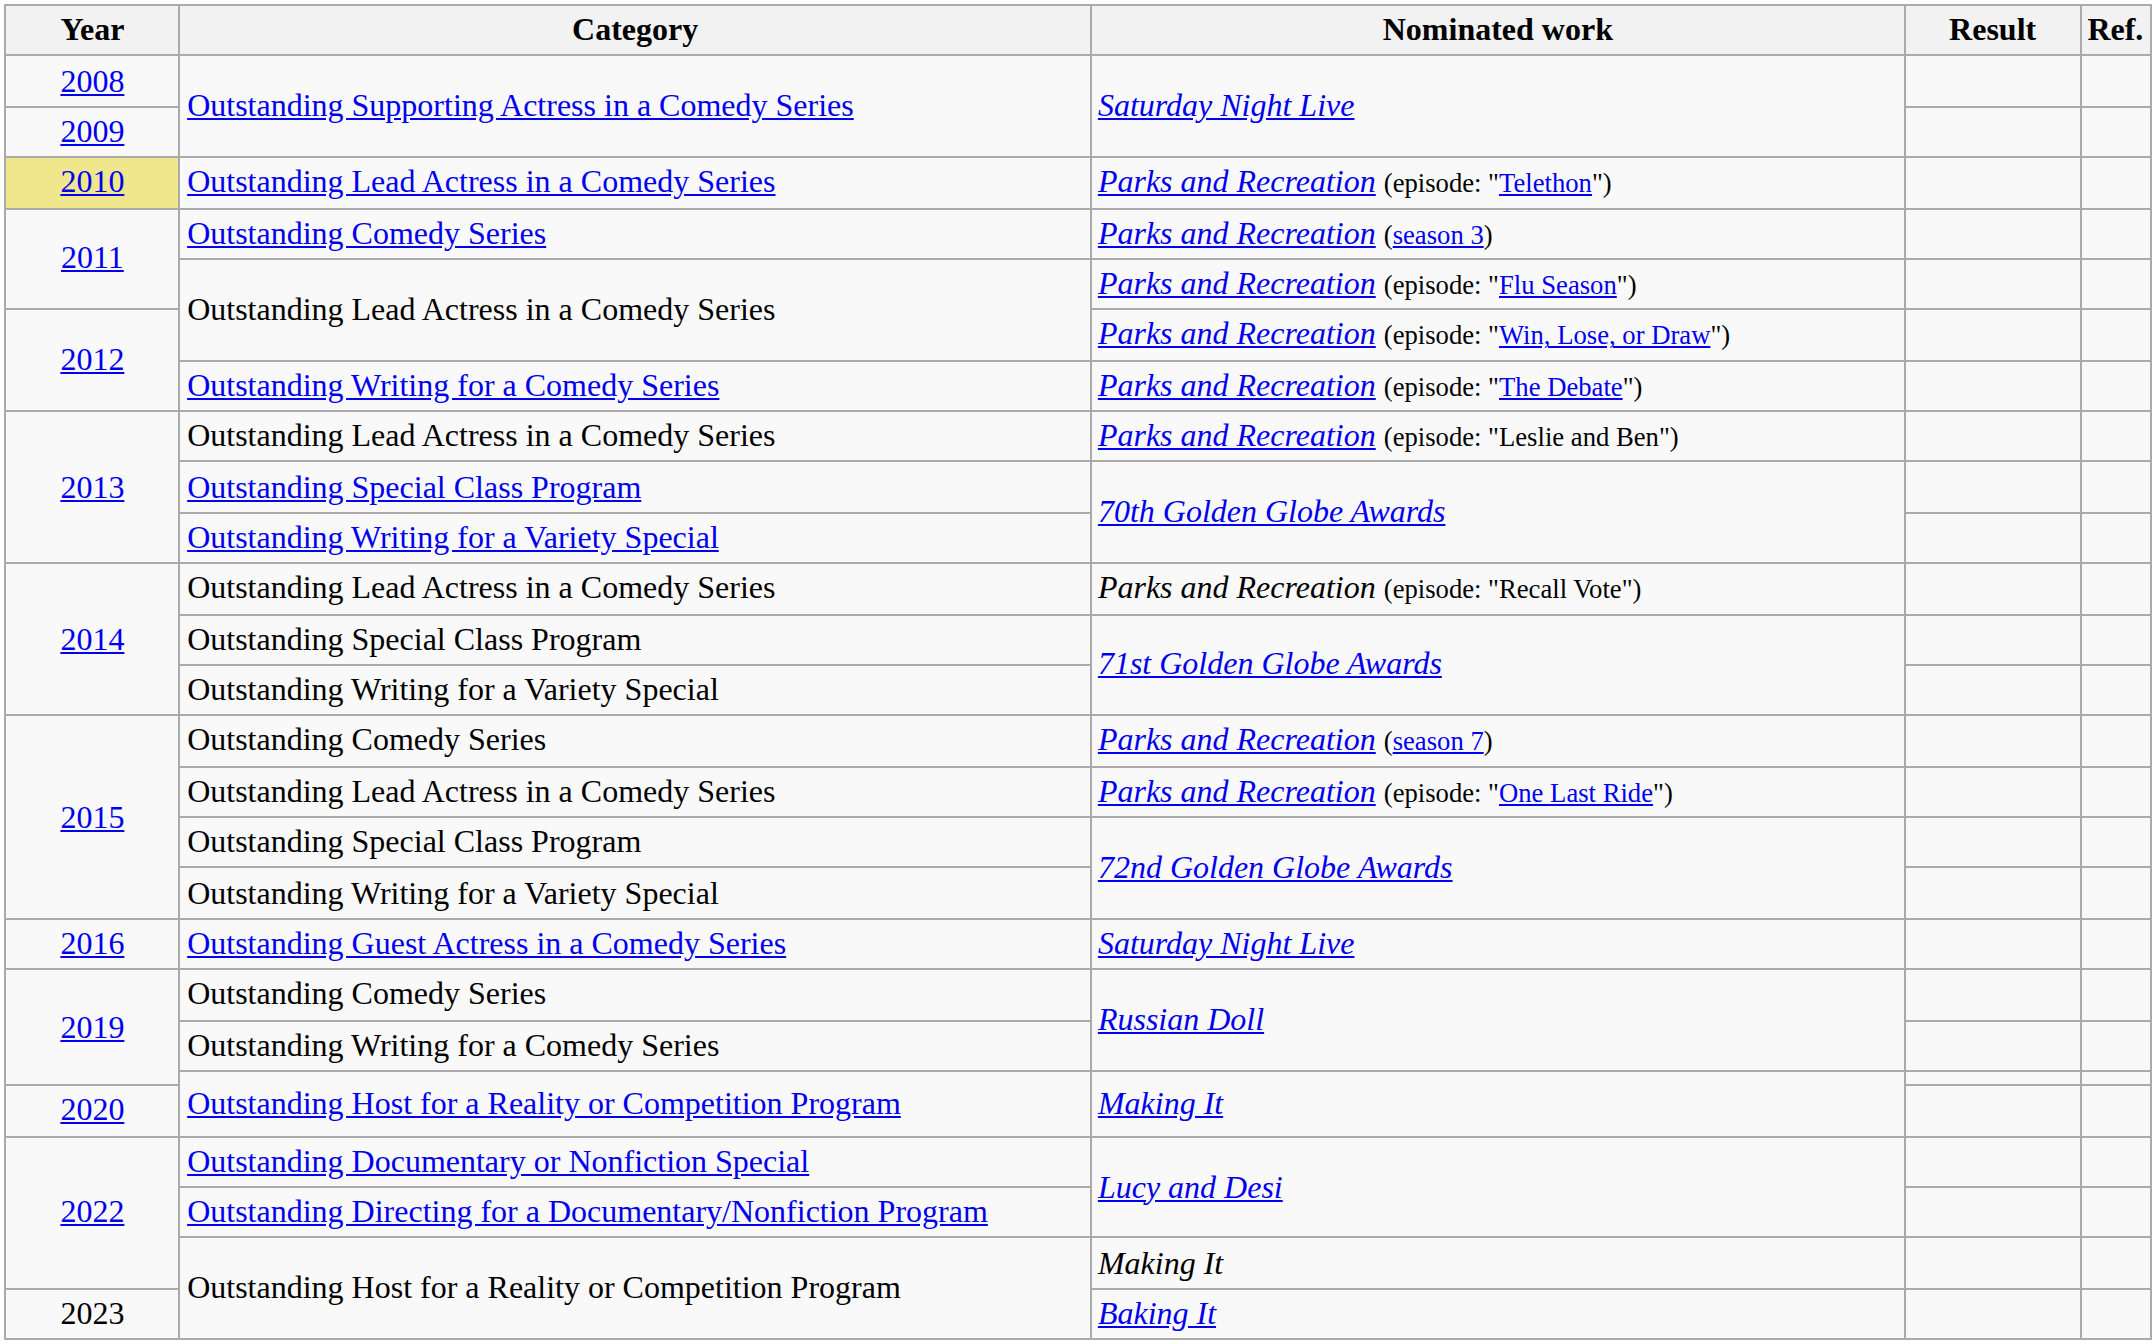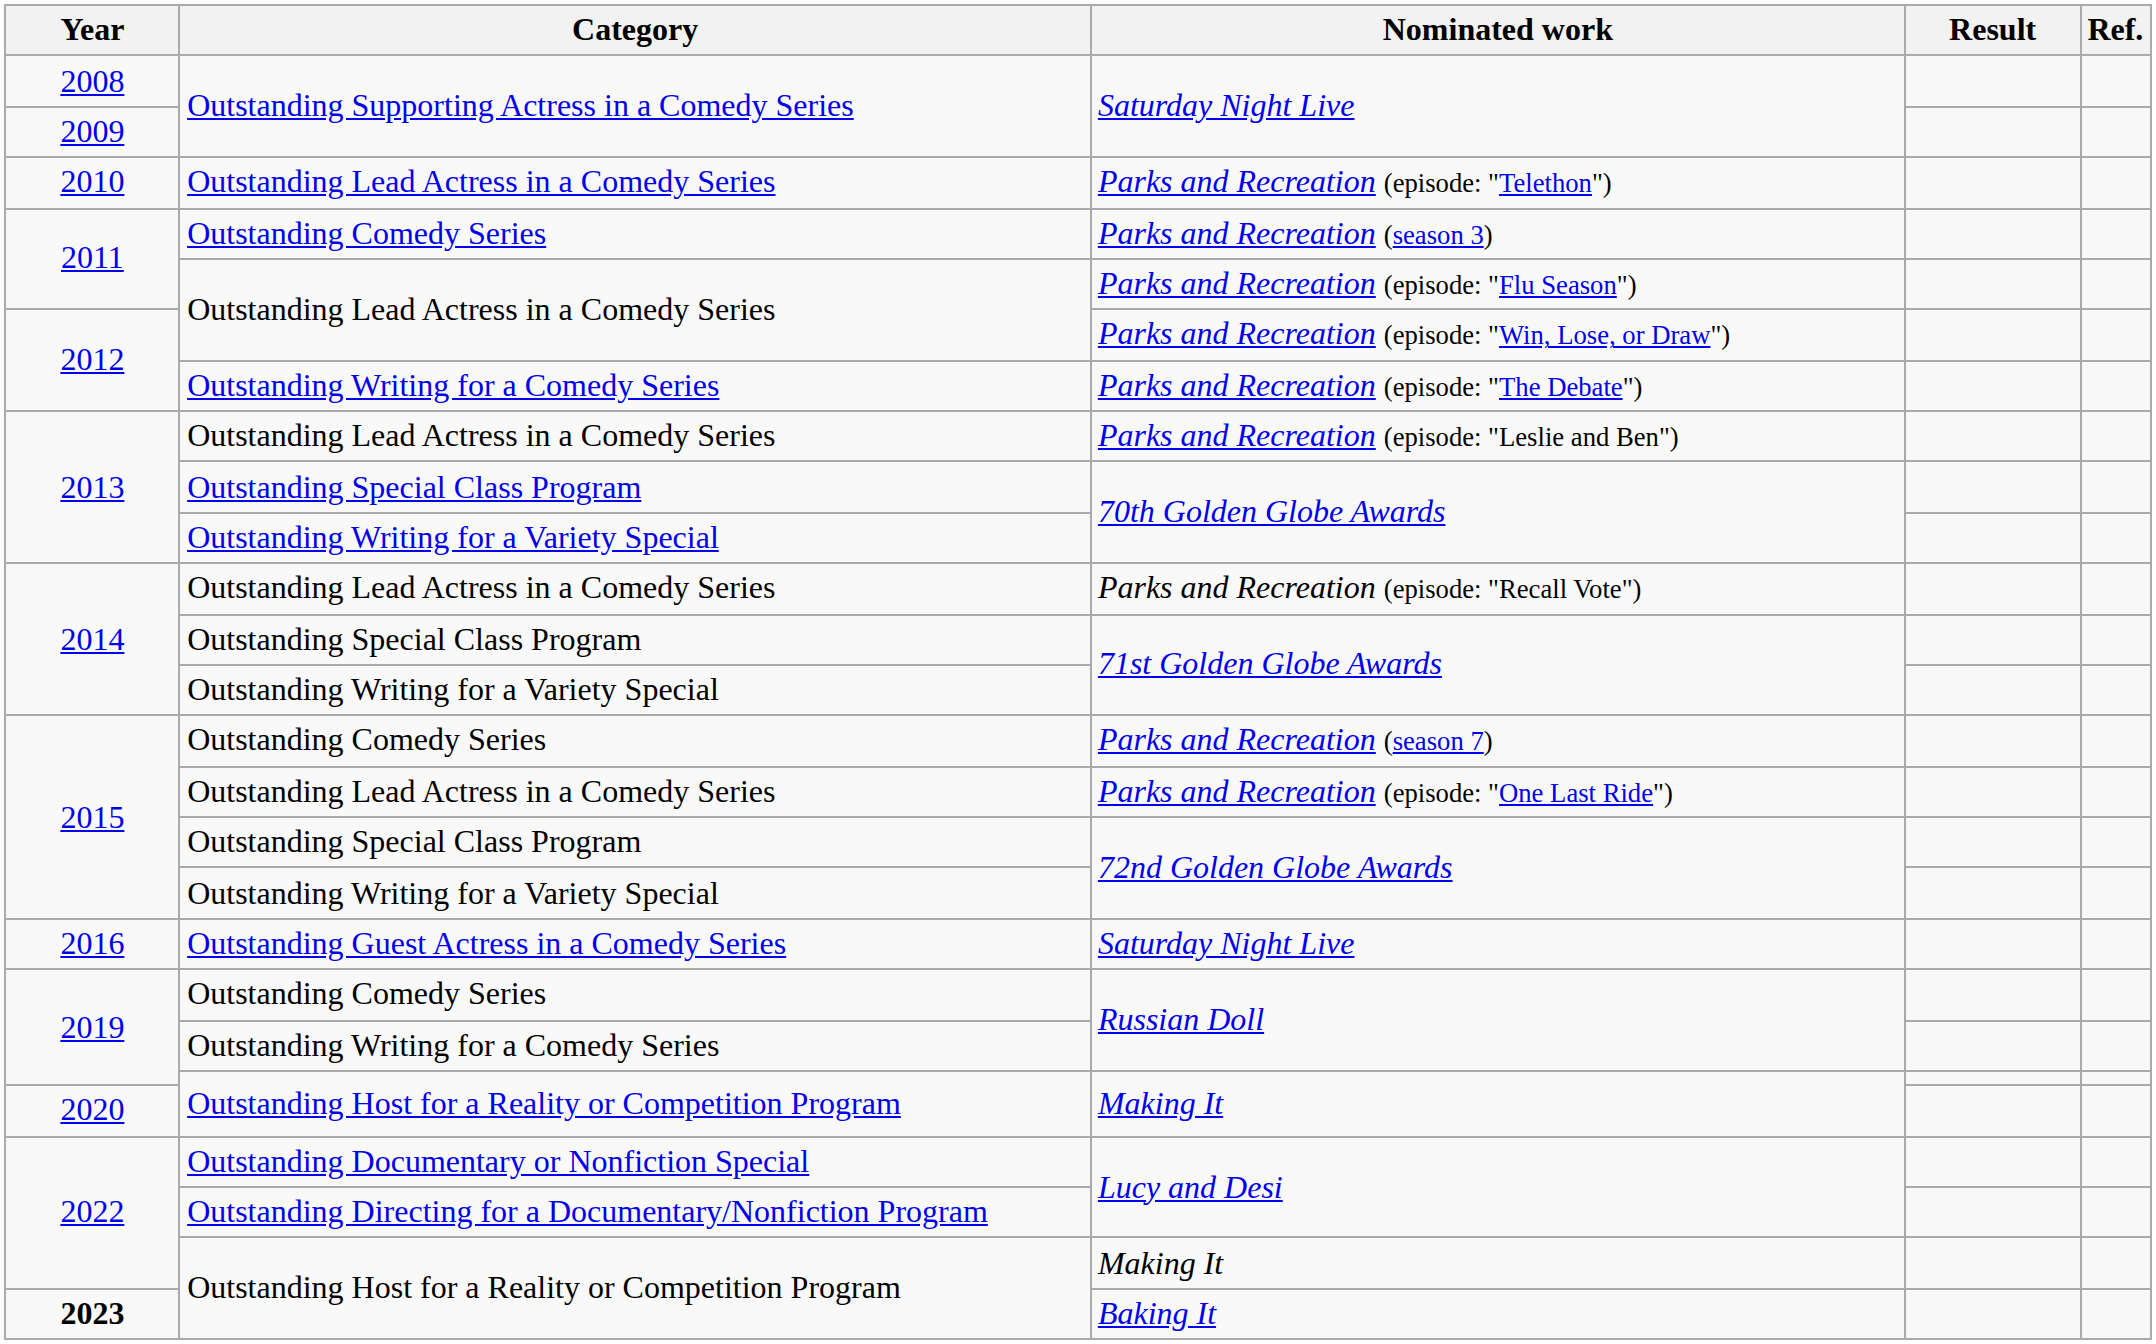 <table class=wikitable>
 <tr>
 <th scope="col" style="width:5em;">Year</th>
 <th scope="col" style="width:28em;">Category</th>
 <th scope="col" style="width:25em;">Nominated work</th>
 <th scope="col" style="width:5em;">Result</th>
 <th>Ref.</th>
 </tr>
 <tr>
 <td style="text-align:center;"><a href='#'>2008</a></td>
 <td rowspan=2><a href='#'>Outstanding Supporting Actress in a Comedy Series</a></td>
 <td rowspan=2><em><a href='#'>Saturday Night Live</a></em></td>
 <td></td>
 <td></td>
 </tr>
 <tr>
 <td style="text-align:center;"><a href='#'>2009</a></td>
 <td></td>
 <td></td>
 </tr>
 <tr>
-<td style="background: khaki; text-align:center;"><a href='#'>2010</a></td>
+<td style="text-align:center;"><a href='#'>2010</a></td>
 <td><a href='#'>Outstanding Lead Actress in a Comedy Series</a></td>
 <td><em><a href='#'>Parks and Recreation</a></em> <small> (episode: "<a href='#'>Telethon</a>") </small></td>
 <td></td>
 <td></td>
 </tr>
 <tr>
 <td style="text-align:center;", rowspan=2><a href='#'>2011</a></td>
 <td><a href='#'>Outstanding Comedy Series</a></td>
 <td><em><a href='#'>Parks and Recreation</a></em> <small> (<a href='#'>season 3</a>) </small></td>
 <td></td>
 <td></td>
 </tr>
 <tr>
 <td rowspan=2>Outstanding Lead Actress in a Comedy Series</td>
 <td><em><a href='#'>Parks and Recreation</a></em> <small> (episode: "<a href='#'>Flu Season</a>") </small></td>
 <td></td>
 <td></td>
 </tr>
 <tr>
 <td style="text-align:center;", rowspan=2><a href='#'>2012</a></td>
 <td><em><a href='#'>Parks and Recreation</a></em> <small> (episode: "<a href='#'>Win, Lose, or Draw</a>") </small></td>
 <td></td>
 <td></td>
 </tr>
 <tr>
 <td><a href='#'>Outstanding Writing for a Comedy Series</a></td>
 <td><em><a href='#'>Parks and Recreation</a></em> <small> (episode: "<a href='#'>The Debate</a>") </small></td>
 <td></td>
 <td></td>
 </tr>
 <tr>
 <td style="text-align:center;", rowspan=3><a href='#'>2013</a></td>
 <td>Outstanding Lead Actress in a Comedy Series</td>
 <td><em><a href='#'>Parks and Recreation</a></em> <small> (episode: "Leslie and Ben") </small></td>
 <td></td>
 <td></td>
 </tr>
 <tr>
 <td><a href='#'>Outstanding Special Class Program</a></td>
 <td rowspan=2><em><a href='#'>70th Golden Globe Awards</a></em></td>
 <td></td>
 <td></td>
 </tr>
 <tr>
 <td><a href='#'>Outstanding Writing for a Variety Special</a></td>
 <td></td>
 <td></td>
 </tr>
 <tr>
 <td style="text-align:center;", rowspan=3><a href='#'>2014</a></td>
 <td>Outstanding Lead Actress in a Comedy Series</td>
 <td><em>Parks and Recreation</em> <small> (episode: "Recall Vote") </small></td>
 <td></td>
 <td></td>
 </tr>
 <tr>
 <td>Outstanding Special Class Program</td>
 <td rowspan=2><em><a href='#'>71st Golden Globe Awards</a></em></td>
 <td></td>
 <td></td>
 </tr>
 <tr>
 <td>Outstanding Writing for a Variety Special</td>
 <td></td>
 <td></td>
 </tr>
 <tr>
 <td style="text-align:center;", rowspan=4><a href='#'>2015</a></td>
 <td>Outstanding Comedy Series</td>
 <td><em><a href='#'>Parks and Recreation</a></em> <small> (<a href='#'>season 7</a>) </small></td>
 <td></td>
 <td></td>
 </tr>
 <tr>
 <td>Outstanding Lead Actress in a Comedy Series</td>
 <td><em><a href='#'>Parks and Recreation</a></em> <small> (episode: "<a href='#'>One Last Ride</a>") </small></td>
 <td></td>
 <td></td>
 </tr>
 <tr>
 <td>Outstanding Special Class Program</td>
 <td rowspan=2><em><a href='#'>72nd Golden Globe Awards</a></em></td>
 <td></td>
 <td></td>
 </tr>
 <tr>
 <td>Outstanding Writing for a Variety Special</td>
 <td></td>
 <td></td>
 </tr>
 <tr>
 <td style="text-align:center;"><a href='#'>2016</a></td>
 <td><a href='#'>Outstanding Guest Actress in a Comedy Series</a></td>
 <td><em><a href='#'>Saturday Night Live</a></em> </td>
 <td></td>
 <td></td>
 </tr>
 <tr>
 <td style="text-align:center;", rowspan=3><a href='#'>2019</a></td>
 <td>Outstanding Comedy Series</td>
 <td rowspan="2"><em><a href='#'>Russian Doll</a></em></td>
 <td></td>
 <td></td>
 </tr>
 <tr>
 <td>Outstanding Writing for a Comedy Series</td>
 <td></td>
 <td></td>
 </tr>
 <tr>
 <td rowspan=2><a href='#'>Outstanding Host for a Reality or Competition Program</a></td>
 <td rowspan=2><em><a href='#'>Making It</a></em> </td>
 <td></td>
 <td></td>
 </tr>
 <tr>
 <td style="text-align:center;"><a href='#'>2020</a></td>
 <td></td>
 <td></td>
 </tr>
 <tr>
 <td style="text-align:center;", rowspan=3><a href='#'>2022</a></td>
 <td><a href='#'>Outstanding Documentary or Nonfiction Special</a></td>
 <td rowspan=2><em><a href='#'>Lucy and Desi</a></em></td>
 <td></td>
 <td></td>
 </tr>
 <tr>
 <td><a href='#'>Outstanding Directing for a Documentary/Nonfiction Program</a></td>
 <td></td>
 <td></td>
 </tr>
 <tr>
 <td rowspan=2>Outstanding Host for a Reality or Competition Program</td>
 <td><em>Making It</em> </td>
 <td></td>
 <td></td>
 </tr>
 <tr>
-<td style="text-align:center;">2023</td>
+<td style="text-align:center;"><strong>2023</strong></td>
 <td><em><a href='#'>Baking It</a></em> </td>
 <td></td>
 <td></td>
 </tr>
 <tr>
 </tr>
 </table>
